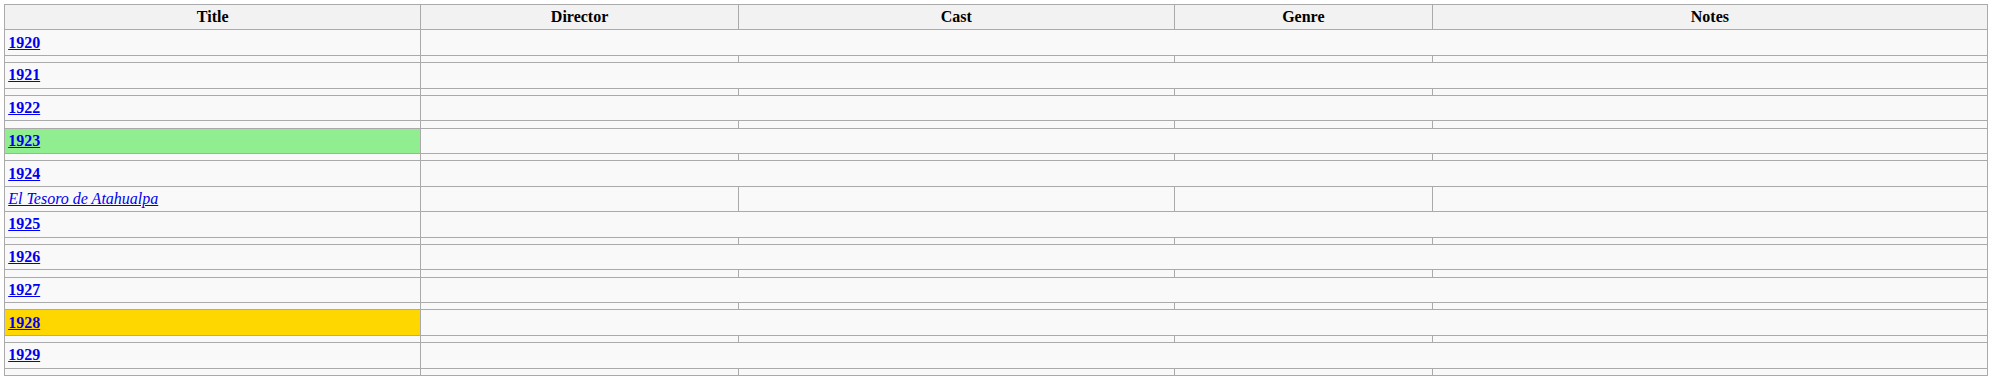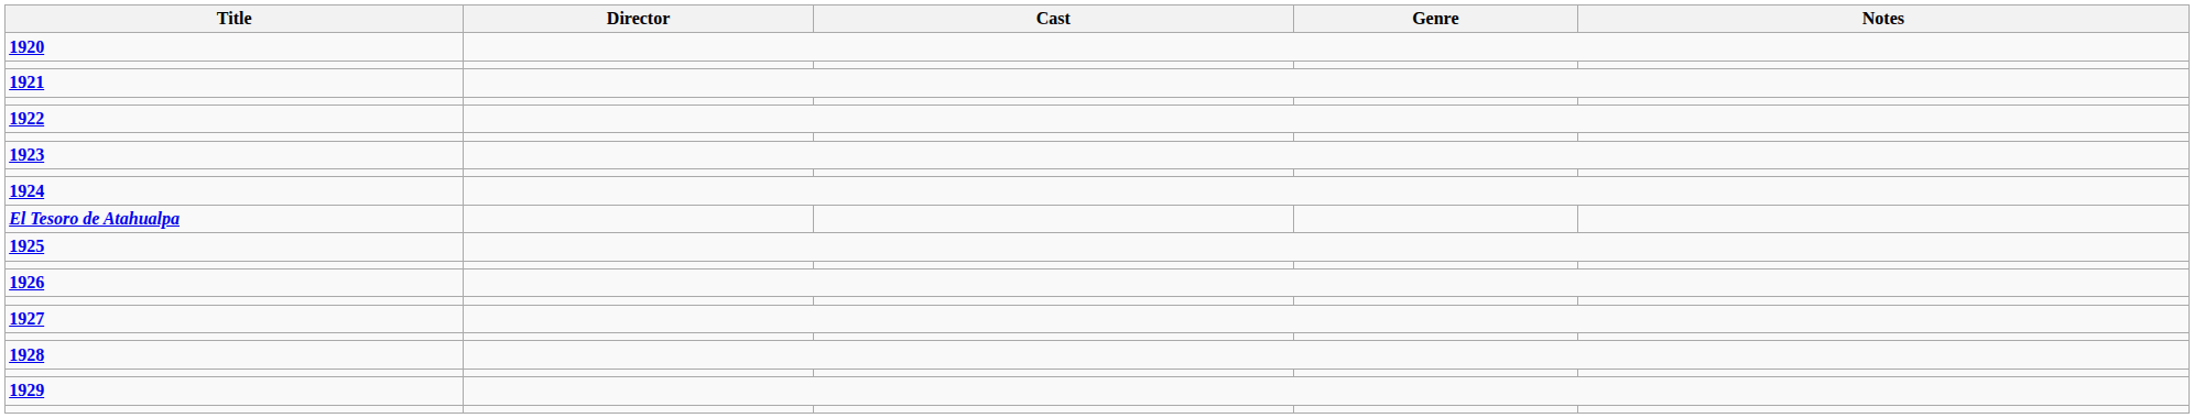 <table class="wikitable" width= "100%">
 <tr>
 <th width=21%>Title</th>
 <th width=16%>Director</th>
 <th width=22%>Cast</th>
 <th width=13%>Genre</th>
 <th width=28%>Notes</th>
 </tr>
 <tr>
 <td><strong><a href='#'>1920</a></strong></td>
 </tr>
 <tr>
 <td></td>
 <td></td>
 <td></td>
 <td></td>
 <td></td>
 </tr>
 <tr>
 <td><strong><a href='#'>1921</a></strong></td>
 </tr>
 <tr>
 <td></td>
 <td></td>
 <td></td>
 <td></td>
 <td></td>
 </tr>
 <tr>
 <td><strong><a href='#'>1922</a></strong></td>
 </tr>
 <tr>
 <td></td>
 <td></td>
 <td></td>
 <td></td>
 <td></td>
 </tr>
 <tr>
-<td style="background: lightgreen;"><strong><a href='#'>1923</a></strong></td>
+<td><strong><a href='#'>1923</a></strong></td>
 </tr>
 <tr>
 <td></td>
 <td></td>
 <td></td>
 <td></td>
 <td></td>
 </tr>
 <tr>
 <td><strong><a href='#'>1924</a></strong></td>
 </tr>
 <tr>
-<td><em><a href='#'>El Tesoro de Atahualpa</a></em></td>
+<td><strong><em><a href='#'>El Tesoro de Atahualpa</a></em></strong></td>
 <td></td>
 <td></td>
 <td></td>
 <td></td>
 </tr>
 <tr>
 <td><strong><a href='#'>1925</a></strong></td>
 </tr>
 <tr>
 <td></td>
 <td></td>
 <td></td>
 <td></td>
 <td></td>
 </tr>
 <tr>
 <td><strong><a href='#'>1926</a></strong></td>
 </tr>
 <tr>
 <td></td>
 <td></td>
 <td></td>
 <td></td>
 <td></td>
 </tr>
 <tr>
 <td><strong><a href='#'>1927</a></strong></td>
 </tr>
 <tr>
 <td></td>
 <td></td>
 <td></td>
 <td></td>
 <td></td>
 </tr>
 <tr>
-<td style="background: gold;"><strong><a href='#'>1928</a></strong></td>
+<td><strong><a href='#'>1928</a></strong></td>
 </tr>
 <tr>
 <td></td>
 <td></td>
 <td></td>
 <td></td>
 <td></td>
 </tr>
 <tr>
 <td><strong><a href='#'>1929</a></strong></td>
 </tr>
 <tr>
 <td></td>
 <td></td>
 <td></td>
 <td></td>
 <td></td>
 </tr>
 <tr>
 </tr>
 </table>
